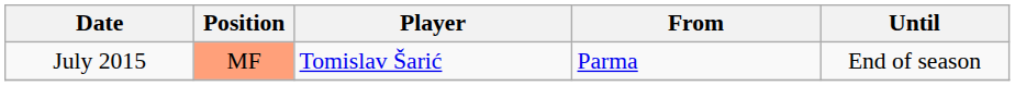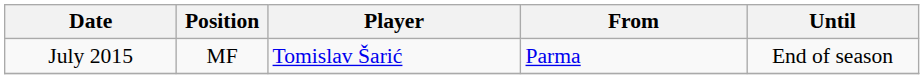 <table class="wikitable" style="text-align: center;">
 <tr>
 <th width=120>Date</th>
 <th width=60>Position</th>
 <th width=180>Player</th>
 <th width=160>From</th>
 <th width=120>Until</th>
 </tr>
 <tr>
 <td>July 2015</td>
-<td style="background: lightsalmon;">MF</td>
+<td>MF</td>
 <td style="text-align:left;"> <a href='#'>Tomislav Šarić</a></td>
 <td style="text-align:left;"><a href='#'>Parma</a></td>
 <td>End of season</td>
 </tr>
 <tr>
 </tr>
 </table>
